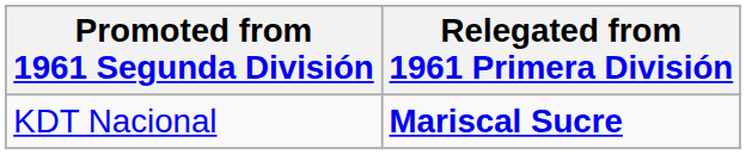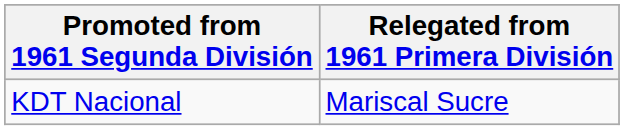 <table class="wikitable">
 <tr>
 <th>Promoted from<br><a href='#'>1961 Segunda División</a></th>
 <th>Relegated from<br><a href='#'>1961 Primera División</a></th>
 </tr>
 <tr>
 <td> <a href='#'>KDT Nacional</a> </td>
-<td><strong> <a href='#'>Mariscal Sucre</a> </strong></td>
+<td> <a href='#'>Mariscal Sucre</a> </td>
 </tr>
 </table>
